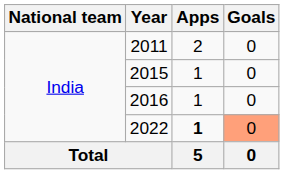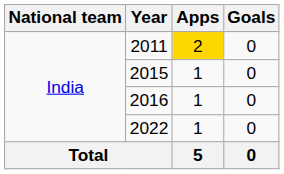 <table class="wikitable" style="font-size:100%; text-align:center;">
 <tr>
 <th>National team</th>
 <th>Year</th>
 <th>Apps</th>
 <th>Goals</th>
 </tr>
 <tr>
 <td rowspan="4"><a href='#'>India</a></td>
 <td>2011</td>
-<td>2</td>
+<td style="background: gold;">2</td>
 <td>0</td>
 </tr>
 <tr>
 <td>2015</td>
 <td>1</td>
 <td>0</td>
 </tr>
 <tr>
 <td>2016</td>
 <td>1</td>
 <td>0</td>
 </tr>
 <tr>
 <td>2022</td>
-<td><strong>1</strong></td>
-<td style="background: lightsalmon;">0</td>
+<td>1</td>
+<td>0</td>
 </tr>
 <tr>
 <th colspan="2">Total</th>
 <th>5</th>
 <th>0</th>
 </tr>
 </table>
